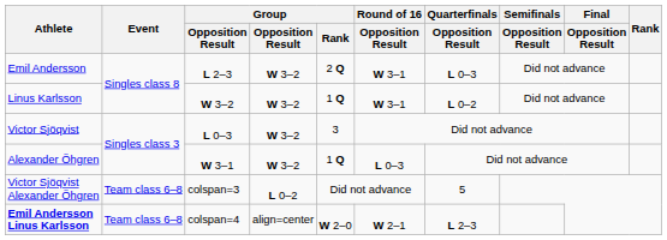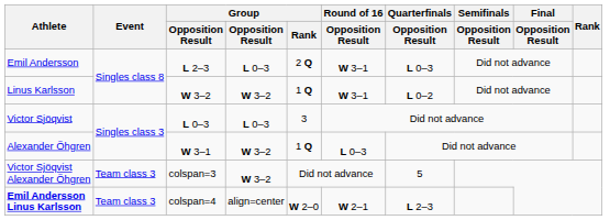 <table class="wikitable" style="font-size:90%">
 <tr>
 <th rowspan="2">Athlete</th>
 <th rowspan="2">Event</th>
 <th colspan="3">Group</th>
 <th>Round of 16</th>
 <th>Quarterfinals</th>
 <th>Semifinals</th>
 <th>Final</th>
 <th rowspan="2">Rank</th>
 </tr>
 <tr>
 <th>Opposition<br>Result</th>
 <th>Opposition<br>Result</th>
 <th>Rank</th>
 <th>Opposition<br>Result</th>
 <th>Opposition<br>Result</th>
 <th>Opposition<br>Result</th>
 <th>Opposition<br>Result</th>
 </tr>
 <tr>
 <td><a href='#'>Emil Andersson</a></td>
 <td rowspan=2><a href='#'>Singles class 8</a></td>
 <td align=center><br><strong>L</strong> 2–3</td>
-<td align=center><br><strong>W</strong> 3–2</td>
+<td align=center><br><strong>L</strong> 0–3</td>
 <td align=center>2 <strong>Q</strong></td>
 <td align=center><br><strong>W</strong> 3–1</td>
 <td align=center><br><strong>L</strong> 0–3</td>
 <td align=center colspan=2>Did not advance</td>
 <td align=center></td>
 </tr>
 <tr>
 <td><a href='#'>Linus Karlsson</a></td>
 <td align=center><br><strong>W</strong> 3–2</td>
 <td align=center><br><strong>W</strong> 3–2</td>
 <td align=center>1 <strong>Q</strong></td>
 <td align=center><br><strong>W</strong> 3–1</td>
 <td align=center><br><strong>L</strong> 0–2</td>
 <td align=center colspan=2>Did not advance</td>
 <td align=center></td>
 </tr>
 <tr>
 <td><a href='#'>Victor Sjöqvist</a></td>
 <td rowspan=2><a href='#'>Singles class 3</a></td>
 <td align=center><br><strong>L</strong> 0–3</td>
-<td align=center><br><strong>W</strong> 3–2</td>
+<td align=center><br><strong>L</strong> 0–3</td>
 <td align=center>3</td>
 <td align=center colspan=4>Did not advance</td>
 <td align=center></td>
 </tr>
 <tr>
 <td><a href='#'>Alexander Öhgren</a></td>
 <td align=center><br><strong>W</strong> 3–1</td>
 <td align=center><br><strong>W</strong> 3–2</td>
 <td align=center>1 <strong>Q</strong></td>
 <td align=center><br><strong>L</strong> 0–3</td>
 <td align=center colspan=3>Did not advance</td>
 <td align=center></td>
 </tr>
 <tr>
 <td><a href='#'>Victor Sjöqvist</a><br><a href='#'>Alexander Öhgren</a></td>
-<td><a href='#'>Team class 6–8</a></td>
+<td><a href='#'>Team class 3</a></td>
 <td>colspan=3 </td>
-<td align=center><br><strong>L</strong> 0–2</td>
+<td align=center><br><strong>W</strong> 3–2</td>
 <td align=center colspan=2>Did not advance</td>
 <td align=center>5</td>
 </tr>
 <tr>
 <td><strong><a href='#'>Emil Andersson</a><br><a href='#'>Linus Karlsson</a></strong></td>
-<td><a href='#'>Team class 6–8</a></td>
+<td><a href='#'>Team class 3</a></td>
 <td>colspan=4 </td>
 <td>align=center </td>
 <td align=center><br><strong>W</strong> 2–0</td>
 <td align=center><br><strong>W</strong> 2–1</td>
 <td align=center><br><strong>L</strong> 2–3</td>
 <td align=center></td>
 </tr>
 </table>
